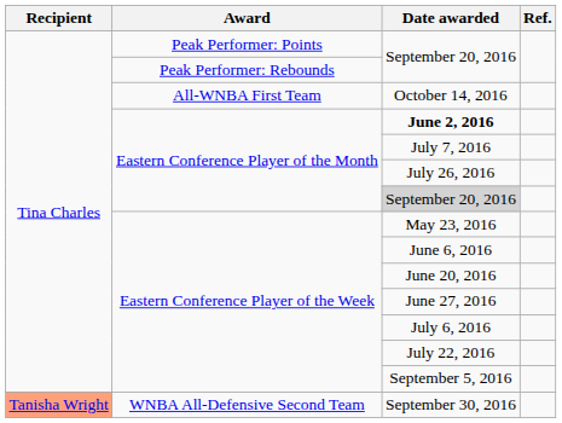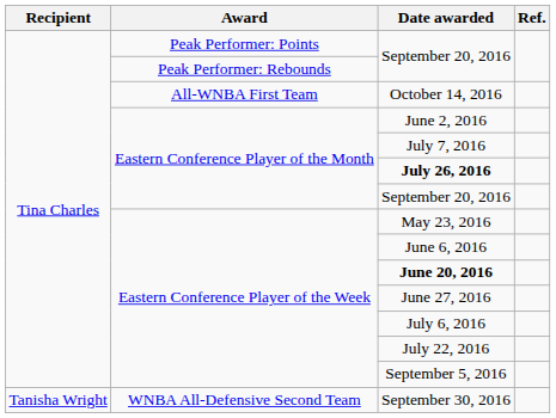 <table class="wikitable sortable sortable" style="text-align: center">
 <tr>
 <th>Recipient</th>
 <th>Award</th>
 <th>Date awarded</th>
 <th>Ref.</th>
 </tr>
 <tr>
 <td rowspan=14><a href='#'>Tina Charles</a></td>
 <td><a href='#'>Peak Performer: Points</a></td>
 <td rowspan=2>September 20, 2016</td>
 <td rowspan=2></td>
 </tr>
 <tr>
 <td><a href='#'>Peak Performer: Rebounds</a></td>
 </tr>
 <tr>
 <td><a href='#'>All-WNBA First Team</a></td>
 <td>October 14, 2016</td>
 <td></td>
 </tr>
 <tr>
 <td rowspan=4><a href='#'>Eastern Conference Player of the Month</a></td>
-<td><strong>June 2, 2016</strong></td>
+<td>June 2, 2016</td>
 <td></td>
 </tr>
 <tr>
 <td>July 7, 2016</td>
 <td></td>
 </tr>
 <tr>
-<td>July 26, 2016</td>
+<td><strong>July 26, 2016</strong></td>
 <td></td>
 </tr>
 <tr>
-<td style="background: lightgrey;">September 20, 2016</td>
+<td>September 20, 2016</td>
 <td></td>
 </tr>
 <tr>
 <td rowspan=7><a href='#'>Eastern Conference Player of the Week</a></td>
 <td>May 23, 2016</td>
 <td></td>
 </tr>
 <tr>
 <td>June 6, 2016</td>
 <td></td>
 </tr>
 <tr>
-<td>June 20, 2016</td>
+<td><strong>June 20, 2016</strong></td>
 <td></td>
 </tr>
 <tr>
 <td>June 27, 2016</td>
 <td></td>
 </tr>
 <tr>
 <td>July 6, 2016</td>
 <td></td>
 </tr>
 <tr>
 <td>July 22, 2016</td>
 <td></td>
 </tr>
 <tr>
 <td>September 5, 2016</td>
 <td></td>
 </tr>
 <tr>
-<td style="background: lightsalmon;"><a href='#'>Tanisha Wright</a></td>
+<td><a href='#'>Tanisha Wright</a></td>
 <td><a href='#'>WNBA All-Defensive Second Team</a></td>
 <td>September 30, 2016</td>
 <td></td>
 </tr>
 </table>
